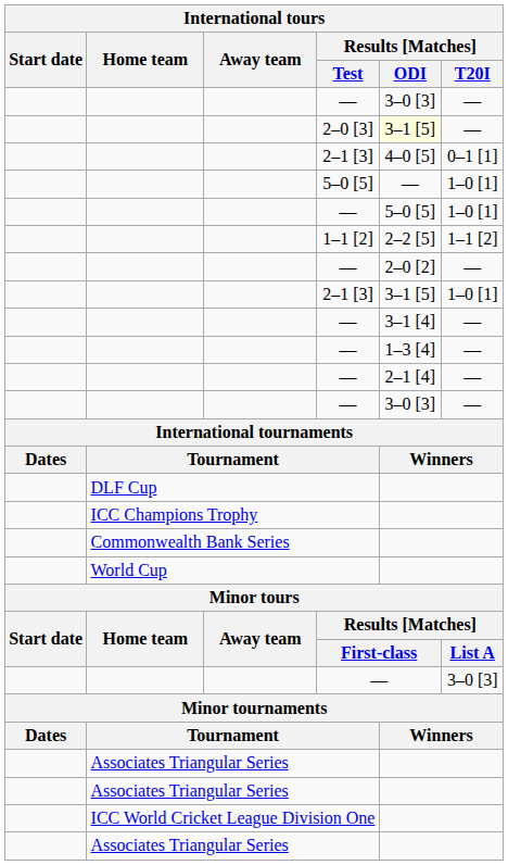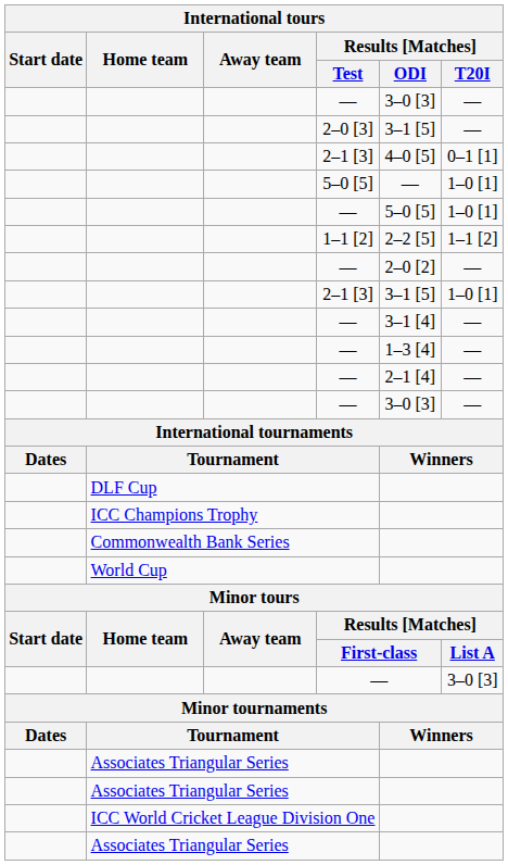 <table class="wikitable sortable" style="text-align:center; white-space:nowrap">
 <tr>
 <th colspan=6>International tours</th>
 </tr>
 <tr>
 <th rowspan=2>Start date</th>
 <th rowspan=2>Home team</th>
 <th rowspan=2>Away team</th>
 <th colspan=3 class="unsortable">Results [Matches]</th>
 </tr>
 <tr>
 <th style="width:50px;" class="unsortable"><a href='#'>Test</a></th>
 <th style="width:50px;" class="unsortable"><a href='#'>ODI</a></th>
 <th style="width:50px;" class="unsortable"><a href='#'>T20I</a></th>
 </tr>
 <tr>
 <td style="text-align:left"><a href='#'></a></td>
 <td style="text-align:left"></td>
 <td style="text-align:left"></td>
 <td>—</td>
 <td>3–0 [3]</td>
 <td>—</td>
 </tr>
 <tr>
 <td style="text-align:left"><a href='#'></a></td>
 <td style="text-align:left"></td>
 <td style="text-align:left"></td>
 <td>2–0 [3]</td>
-<td style="background: lightyellow;">3–1 [5]</td>
+<td>3–1 [5]</td>
 <td>—</td>
 </tr>
 <tr>
 <td style="text-align:left"><a href='#'></a></td>
 <td style="text-align:left"></td>
 <td style="text-align:left"></td>
 <td>2–1 [3]</td>
 <td>4–0 [5]</td>
 <td>0–1 [1]</td>
 </tr>
 <tr>
 <td style="text-align:left"><a href='#'></a></td>
 <td style="text-align:left"></td>
 <td style="text-align:left"></td>
 <td>5–0 [5]</td>
 <td>—</td>
 <td>1–0 [1]</td>
 </tr>
 <tr>
 <td style="text-align:left"><a href='#'></a></td>
 <td style="text-align:left"></td>
 <td style="text-align:left"></td>
 <td>—</td>
 <td>5–0 [5]</td>
 <td>1–0 [1]</td>
 </tr>
 <tr>
 <td style="text-align:left"><a href='#'></a></td>
 <td style="text-align:left"></td>
 <td style="text-align:left"></td>
 <td>1–1 [2]</td>
 <td>2–2 [5]</td>
 <td>1–1 [2]</td>
 </tr>
 <tr>
 <td style="text-align:left"><a href='#'></a></td>
 <td style="text-align:left"></td>
 <td style="text-align:left"></td>
 <td>—</td>
 <td>2–0 [2]</td>
 <td>—</td>
 </tr>
 <tr>
 <td style="text-align:left"><a href='#'></a></td>
 <td style="text-align:left"></td>
 <td style="text-align:left"></td>
 <td>2–1 [3]</td>
 <td>3–1 [5]</td>
 <td>1–0 [1]</td>
 </tr>
 <tr>
 <td style="text-align:left"><a href='#'></a></td>
 <td style="text-align:left"></td>
 <td style="text-align:left"></td>
 <td>—</td>
 <td>3–1 [4]</td>
 <td>—</td>
 </tr>
 <tr>
 <td style="text-align:left"><a href='#'></a></td>
 <td style="text-align:left"></td>
 <td style="text-align:left"></td>
 <td>—</td>
 <td>1–3 [4]</td>
 <td>—</td>
 </tr>
 <tr>
 <td style="text-align:left"><a href='#'></a></td>
 <td style="text-align:left"></td>
 <td style="text-align:left"></td>
 <td>—</td>
 <td>2–1 [4]</td>
 <td>—</td>
 </tr>
 <tr>
 <td style="text-align:left"><a href='#'></a></td>
 <td style="text-align:left"></td>
 <td style="text-align:left"></td>
 <td>—</td>
 <td>3–0 [3]</td>
 <td>—</td>
 </tr>
 <tr class="sortbottom">
 <th colspan=6>International tournaments</th>
 </tr>
 <tr class="sortbottom">
 <th>Dates</th>
 <th colspan=3>Tournament</th>
 <th colspan=2>Winners</th>
 </tr>
 <tr class="sortbottom">
 <td style="text-align:left"><a href='#'></a></td>
 <td style="text-align:left" colspan=3> <a href='#'>DLF Cup</a></td>
 <td style="text-align:left" colspan=2></td>
 </tr>
 <tr class="sortbottom">
 <td style="text-align:left"><a href='#'></a></td>
 <td style="text-align:left" colspan=3> <a href='#'>ICC Champions Trophy</a></td>
 <td style="text-align:left" colspan=2></td>
 </tr>
 <tr class="sortbottom">
 <td style="text-align:left"><a href='#'></a></td>
 <td style="text-align:left" colspan=3> <a href='#'>Commonwealth Bank Series</a></td>
 <td style="text-align:left" colspan=2></td>
 </tr>
 <tr class="sortbottom">
 <td style="text-align:left"><a href='#'></a></td>
 <td style="text-align:left" colspan=3> <a href='#'>World Cup</a></td>
 <td style="text-align:left" colspan=2></td>
 </tr>
 <tr class="sortbottom">
 <th colspan=6>Minor tours</th>
 </tr>
 <tr class="sortbottom">
 <th rowspan=2>Start date</th>
 <th rowspan=2>Home team</th>
 <th rowspan=2>Away team</th>
 <th colspan=6 class="unsortable">Results [Matches]</th>
 </tr>
 <tr class="sortbottom">
 <th colspan=2><a href='#'>First-class</a></th>
 <th><a href='#'>List A</a></th>
 </tr>
 <tr class="sortbottom">
 <td style="text-align:left"><a href='#'></a></td>
 <td style="text-align:left"></td>
 <td style="text-align:left"></td>
 <td colspan=2>—</td>
 <td>3–0 [3]</td>
 </tr>
 <tr class="sortbottom">
 <th colspan=6>Minor tournaments</th>
 </tr>
 <tr class="sortbottom">
 <th>Dates</th>
 <th colspan=3>Tournament</th>
 <th colspan=2>Winners</th>
 </tr>
 <tr class="sortbottom">
 <td style="text-align:left"><a href='#'></a></td>
 <td style="text-align:left" colspan=3> <a href='#'>Associates Triangular Series</a></td>
 <td style="text-align:left" colspan=2></td>
 </tr>
 <tr class="sortbottom">
 <td style="text-align:left"><a href='#'></a></td>
 <td style="text-align:left" colspan=3> <a href='#'>Associates Triangular Series</a></td>
 <td style="text-align:left" colspan=2></td>
 </tr>
 <tr class="sortbottom">
 <td style="text-align:left"><a href='#'></a></td>
 <td style="text-align:left" colspan=3> <a href='#'>ICC World Cricket League Division One</a></td>
 <td style="text-align:left" colspan=2></td>
 </tr>
 <tr class="sortbottom">
 <td style="text-align:left"><a href='#'></a></td>
 <td style="text-align:left" colspan=3> <a href='#'>Associates Triangular Series</a></td>
 <td style="text-align:left" colspan=2></td>
 </tr>
 </table>
